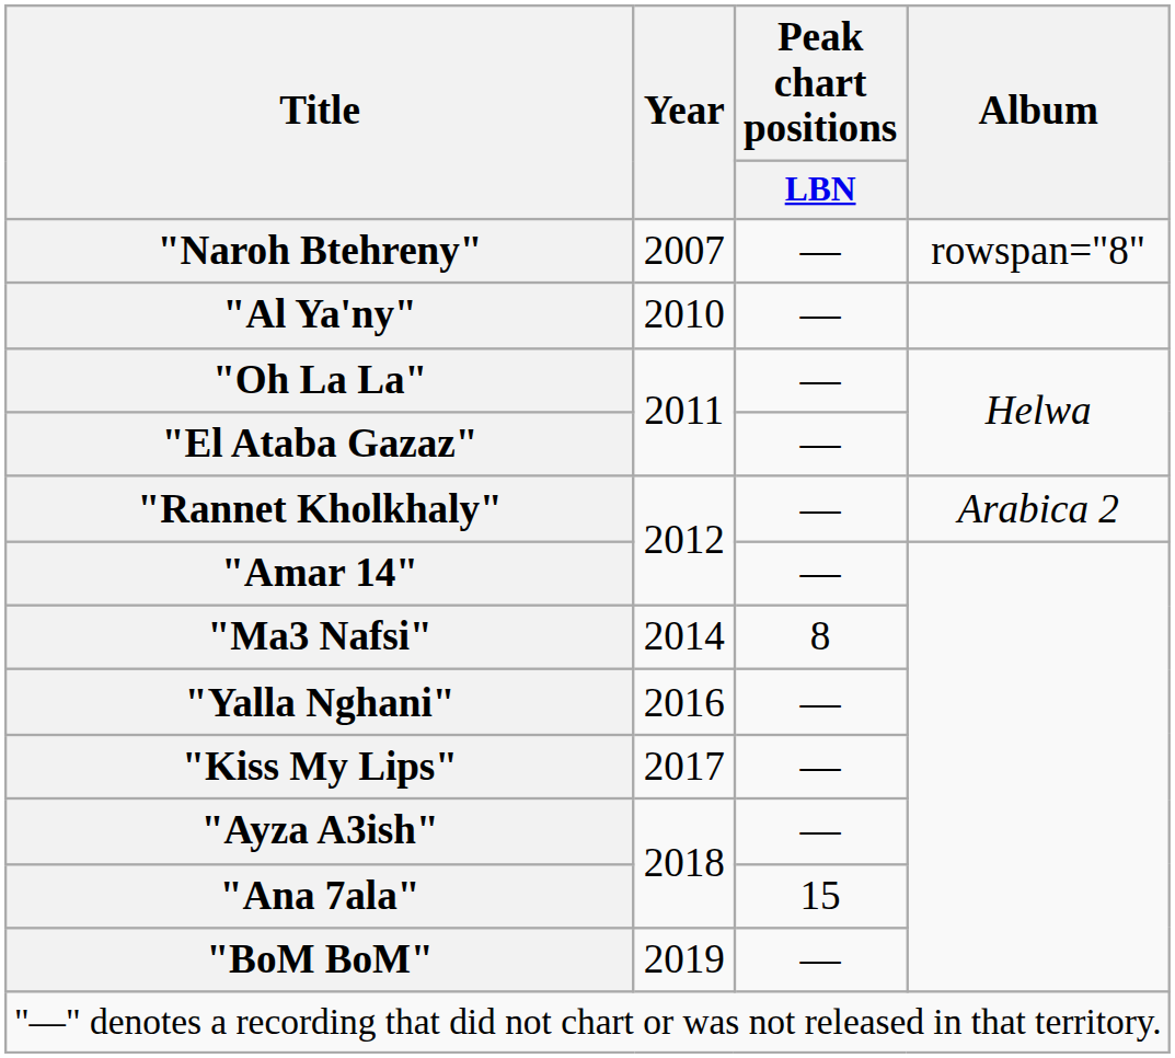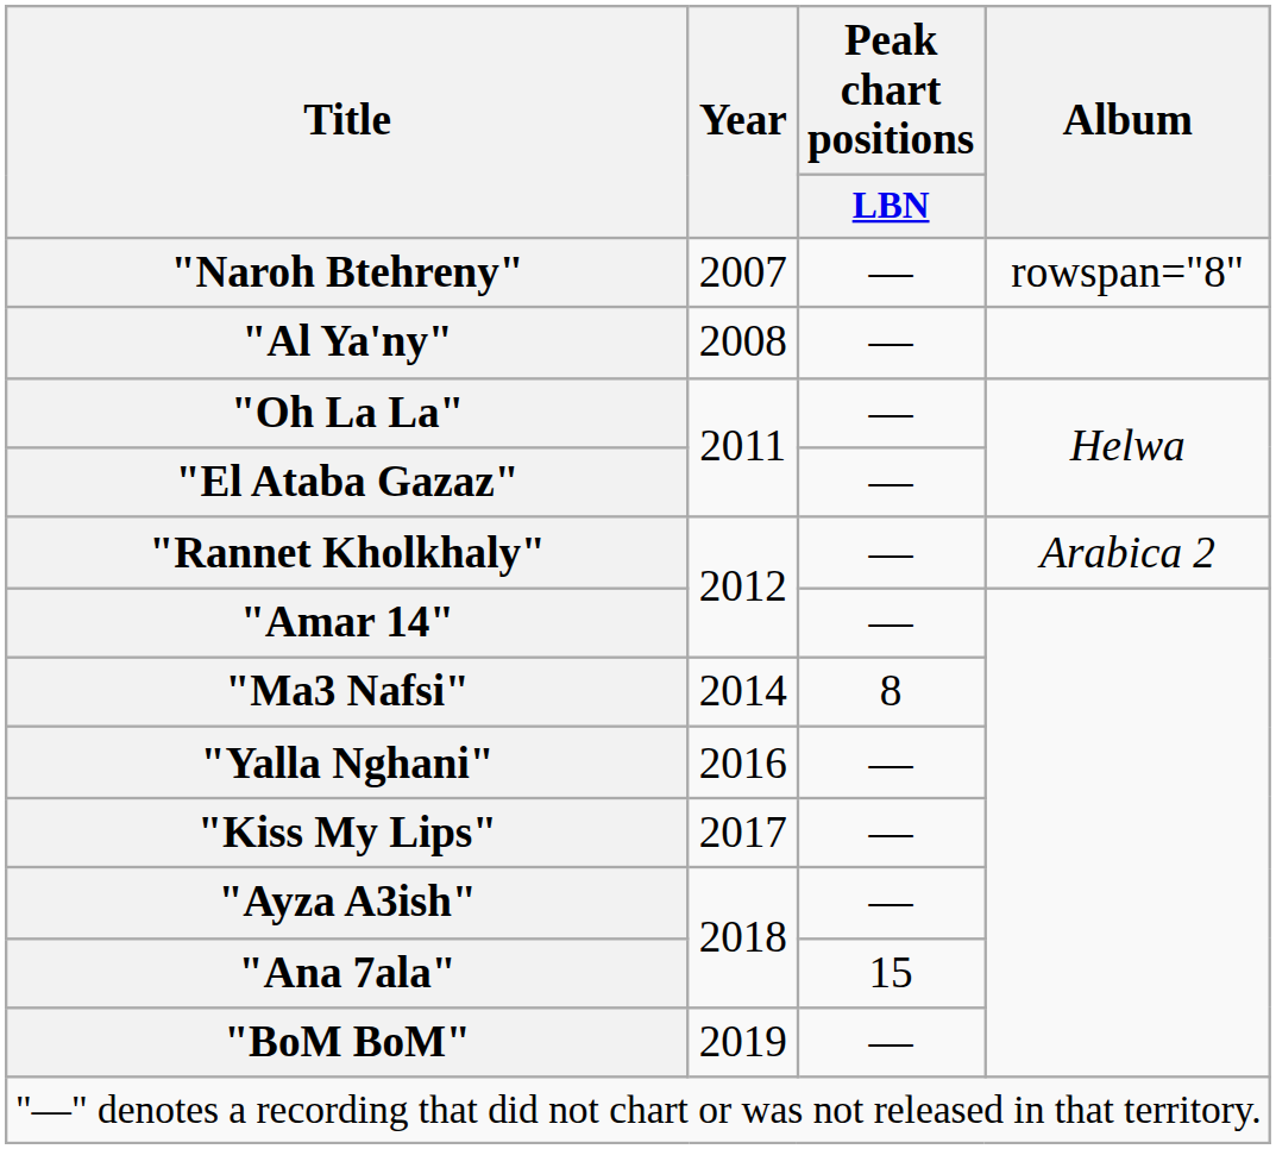 <table class="wikitable plainrowheaders" style="text-align:center;">
 <tr>
 <th scope="col" rowspan="2" style="width:15em;">Title</th>
 <th scope="col" rowspan="2" style="width:1em;">Year</th>
 <th>Peak chart positions</th>
 <th scope="col" rowspan="2">Album</th>
 </tr>
 <tr>
 <th scope="col" style="width:3em;font-size:85%;"><a href='#'>LBN</a><br></th>
 </tr>
 <tr>
 <th scope="row">"Naroh Btehreny"</th>
 <td>2007</td>
 <td>—</td>
 <td>rowspan="8" </td>
 </tr>
 <tr>
 <th scope="row">"Al Ya'ny"</th>
-<td>2010</td>
+<td>2008</td>
 <td>—</td>
 <td></td>
 </tr>
 <tr>
 <th scope="row">"Oh La La"</th>
 <td rowspan="2">2011</td>
 <td>—</td>
 <td rowspan="2"><em>Helwa</em></td>
 </tr>
 <tr>
 <th scope="row">"El Ataba Gazaz"</th>
 <td>—</td>
 </tr>
 <tr>
 <th scope="row">"Rannet Kholkhaly" </th>
 <td rowspan="2">2012</td>
 <td>—</td>
 <td><em>Arabica 2</em></td>
 </tr>
 <tr>
 <th scope="row">"Amar 14" </th>
 <td>—</td>
 </tr>
 <tr>
 <th scope="row">"Ma3 Nafsi"</th>
 <td>2014</td>
 <td>8</td>
 </tr>
 <tr>
 <th scope="row">"Yalla Nghani"</th>
 <td>2016</td>
 <td>—</td>
 </tr>
 <tr>
 <th scope="row">"Kiss My Lips"</th>
 <td>2017</td>
 <td>—</td>
 </tr>
 <tr>
 <th scope="row">"Ayza A3ish"</th>
 <td rowspan="2">2018</td>
 <td>—</td>
 </tr>
 <tr>
 <th scope="row">"Ana 7ala"</th>
 <td>15</td>
 </tr>
 <tr>
 <th scope="row">"BoM BoM" </th>
 <td>2019</td>
 <td>—</td>
 </tr>
 <tr>
 <td colspan="4" style="font-size:90%">"—" denotes a recording that did not chart or was not released in that territory.</td>
 </tr>
 </table>
